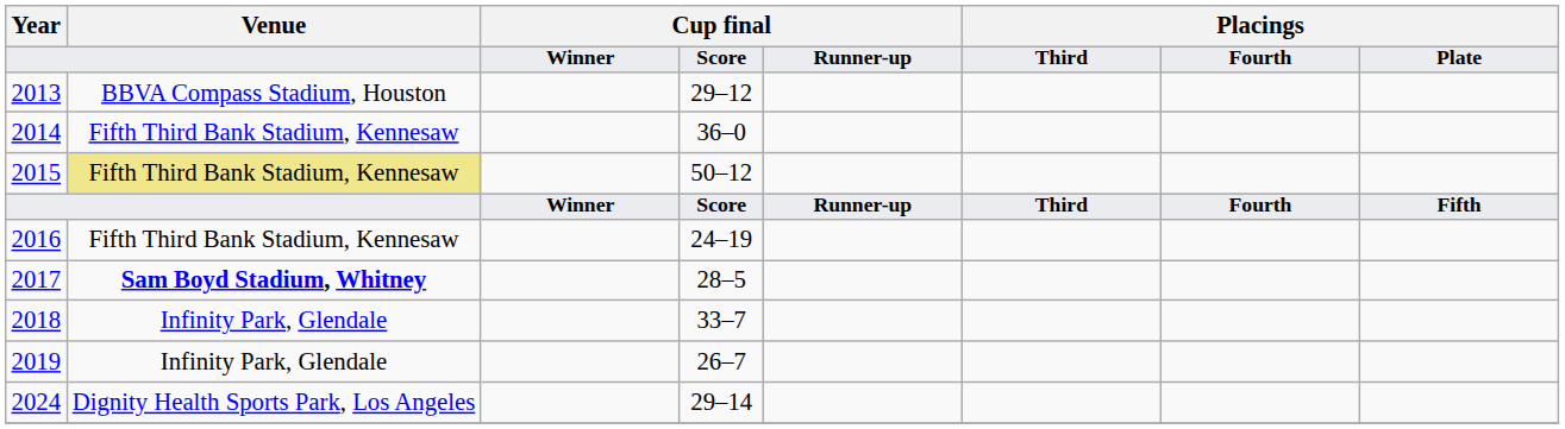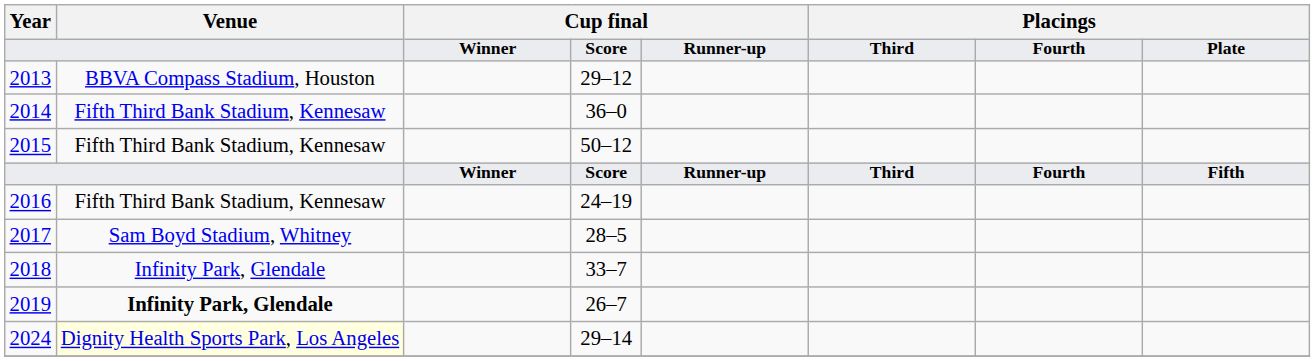 <table class="wikitable" style="font-size:90%; text-align: center;">
 <tr>
 <th>Year</th>
 <th>Venue</th>
 <th colspan=3>Cup final</th>
 <th colspan=3>Placings</th>
 </tr>
 <tr bgcolor=#eaecf0 style="line-height:9px; font-size:85%; padding:0px;">
 <td colspan=2 style="border:1px; font-weight:bold;"></td>
 <td style="width:9em; font-weight:bold;">Winner</td>
 <td style="width:3.5em; font-weight:bold;">Score</td>
 <td style="width:9em; font-weight:bold;">Runner-up</td>
 <td style="width:9em; font-weight:bold;">Third</td>
 <td style="width:9em; font-weight:bold;">Fourth</td>
 <td style="width:9em; font-weight:bold;">Plate</td>
 </tr>
 <tr>
 <td><a href='#'>2013</a></td>
 <td><a href='#'>BBVA Compass Stadium</a>, Houston</td>
 <td></td>
 <td>29–12</td>
 <td></td>
 <td></td>
 <td></td>
 <td></td>
 </tr>
 <tr>
 <td><a href='#'>2014</a></td>
 <td><a href='#'>Fifth Third Bank Stadium</a>, <a href='#'>Kennesaw</a></td>
 <td></td>
 <td>36–0</td>
 <td></td>
 <td></td>
 <td></td>
 <td></td>
 </tr>
 <tr>
 <td><a href='#'>2015</a></td>
-<td style="background: khaki;">Fifth Third Bank Stadium, Kennesaw</td>
+<td>Fifth Third Bank Stadium, Kennesaw</td>
 <td></td>
 <td>50–12</td>
 <td></td>
 <td></td>
 <td></td>
 <td></td>
 </tr>
 <tr bgcolor=#eaecf0 style="line-height:9px; font-size:85%; padding:0px;">
 <td colspan=2 style="font-weight:bold;"></td>
 <td style="font-weight:bold;">Winner</td>
 <td style="font-weight:bold;">Score</td>
 <td style="font-weight:bold;">Runner-up</td>
 <td style="font-weight:bold;">Third</td>
 <td style="font-weight:bold;">Fourth</td>
 <td style="font-weight:bold;">Fifth</td>
 </tr>
 <tr>
 <td><a href='#'>2016</a></td>
 <td>Fifth Third Bank  Stadium, Kennesaw</td>
 <td></td>
 <td>24–19</td>
 <td></td>
 <td></td>
 <td></td>
 <td></td>
 </tr>
 <tr>
 <td><a href='#'>2017</a></td>
-<td><strong><a href='#'>Sam Boyd Stadium</a>, <a href='#'>Whitney</a></strong></td>
+<td><a href='#'>Sam Boyd Stadium</a>, <a href='#'>Whitney</a></td>
 <td></td>
 <td>28–5</td>
 <td></td>
 <td></td>
 <td></td>
 <td></td>
 </tr>
 <tr>
 <td><a href='#'>2018</a></td>
 <td><a href='#'>Infinity Park</a>, <a href='#'>Glendale</a></td>
 <td></td>
 <td align=center>33–7</td>
 <td></td>
 <td></td>
 <td></td>
 <td></td>
 </tr>
 <tr>
 <td><a href='#'>2019</a></td>
-<td>Infinity Park, Glendale</td>
+<td><strong>Infinity Park, Glendale</strong></td>
 <td></td>
 <td align=center>26–7</td>
 <td></td>
 <td></td>
 <td></td>
 <td></td>
 </tr>
 <tr>
 <td><a href='#'>2024</a></td>
-<td><a href='#'>Dignity Health Sports Park</a>, <a href='#'>Los Angeles</a></td>
+<td style="background: lightyellow;"><a href='#'>Dignity Health Sports Park</a>, <a href='#'>Los Angeles</a></td>
 <td></td>
 <td>29–14</td>
 <td></td>
 <td></td>
 <td></td>
 <td></td>
 </tr>
 <tr>
 </tr>
 </table>
